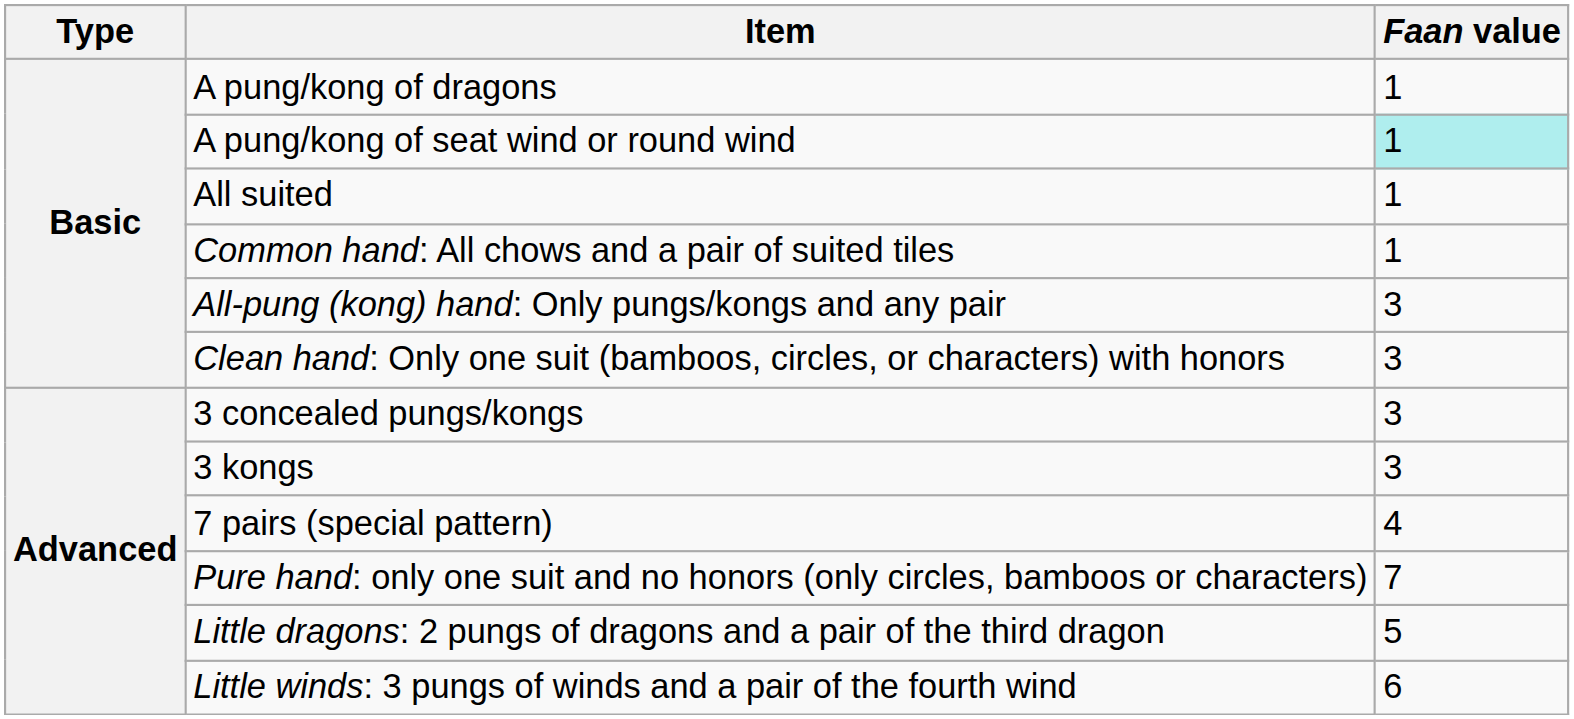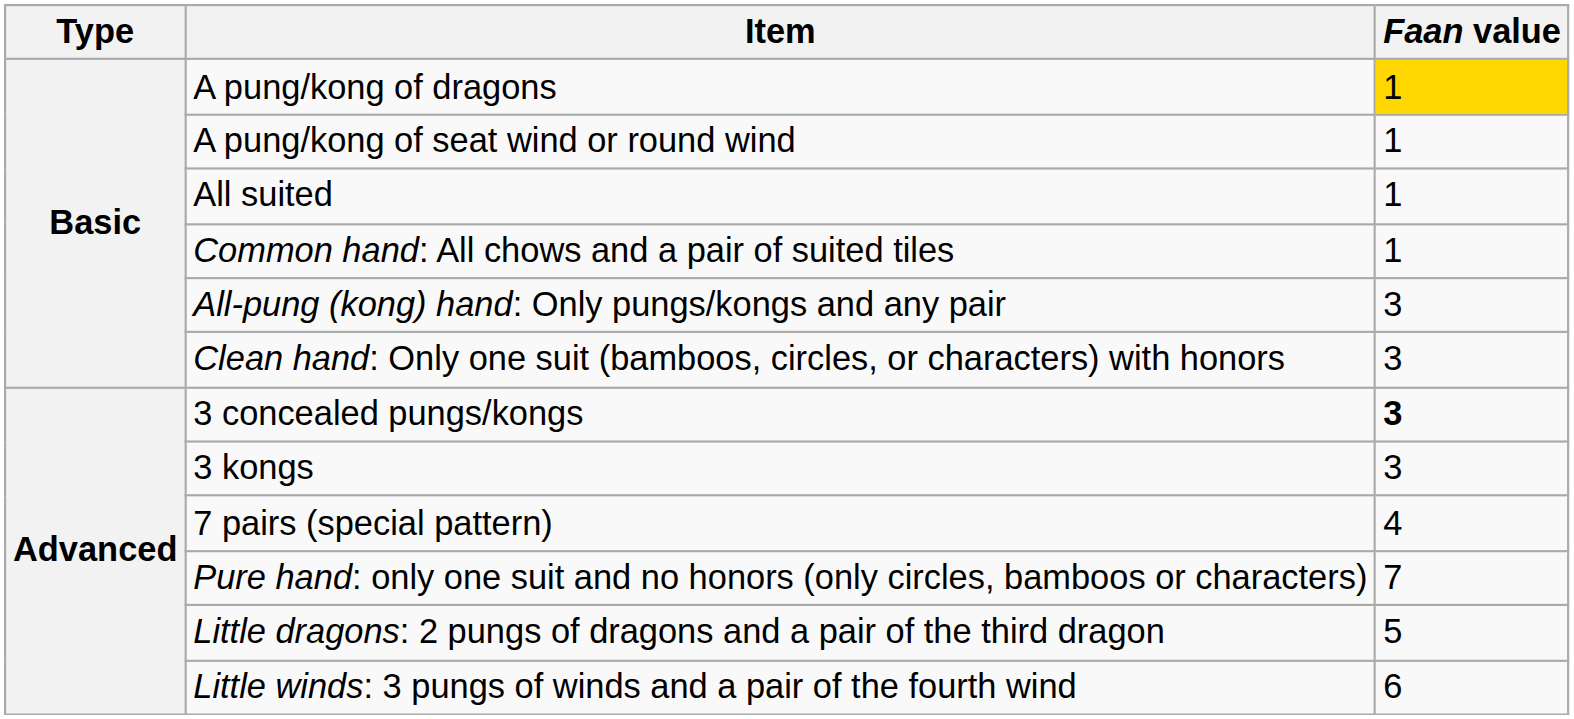 <table class="wikitable">
 <tr>
 <th>Type</th>
 <th>Item</th>
 <th><em>Faan</em> value</th>
 </tr>
 <tr>
 <th rowspan=6>Basic</th>
 <td>A pung/kong of dragons</td>
-<td>1</td>
+<td style="background: gold;">1</td>
 </tr>
 <tr>
 <td>A pung/kong of seat wind or round wind</td>
-<td style="background: paleturquoise;">1</td>
+<td>1</td>
 </tr>
 <tr>
 <td>All suited</td>
 <td>1</td>
 </tr>
 <tr>
 <td><em>Common hand</em>: All chows and a pair of suited tiles</td>
 <td>1</td>
 </tr>
 <tr>
 <td><em>All-pung (kong) hand</em>: Only pungs/kongs and any pair</td>
 <td>3</td>
 </tr>
 <tr>
 <td><em>Clean hand</em>: Only one suit (bamboos, circles, or characters) with honors</td>
 <td>3</td>
 </tr>
 <tr>
 <th rowspan=6>Advanced</th>
 <td>3 concealed pungs/kongs</td>
-<td>3</td>
+<td><strong>3</strong></td>
 </tr>
 <tr>
 <td>3 kongs</td>
 <td>3</td>
 </tr>
 <tr>
 <td>7 pairs (special pattern)</td>
 <td>4</td>
 </tr>
 <tr>
 <td><em>Pure hand</em>: only one suit and no honors (only circles, bamboos or characters)</td>
 <td>7</td>
 </tr>
 <tr>
 <td><em>Little dragons</em>: 2 pungs of dragons and a pair of the third dragon</td>
 <td>5</td>
 </tr>
 <tr>
 <td><em>Little winds</em>: 3 pungs of winds and a pair of the fourth wind</td>
 <td>6</td>
 </tr>
 </table>
